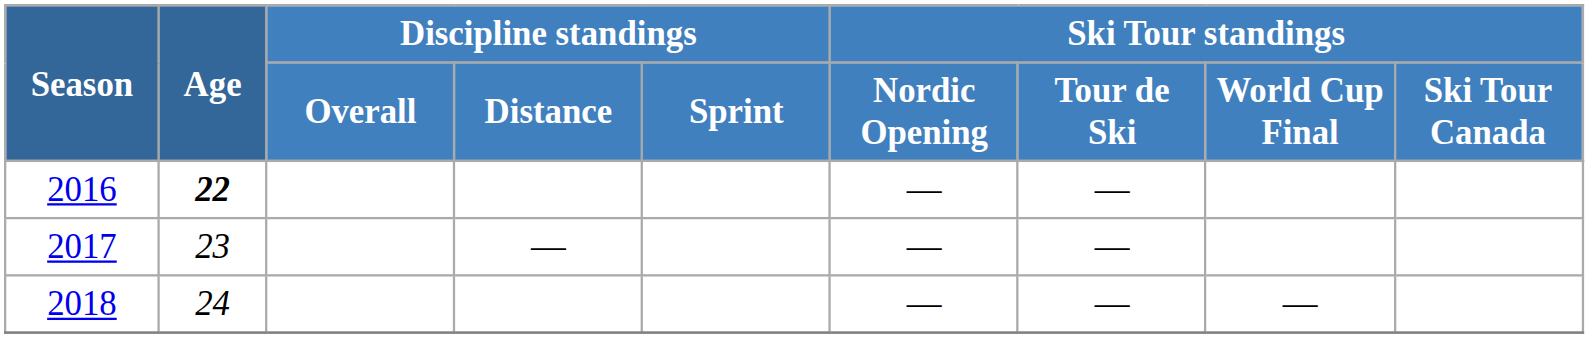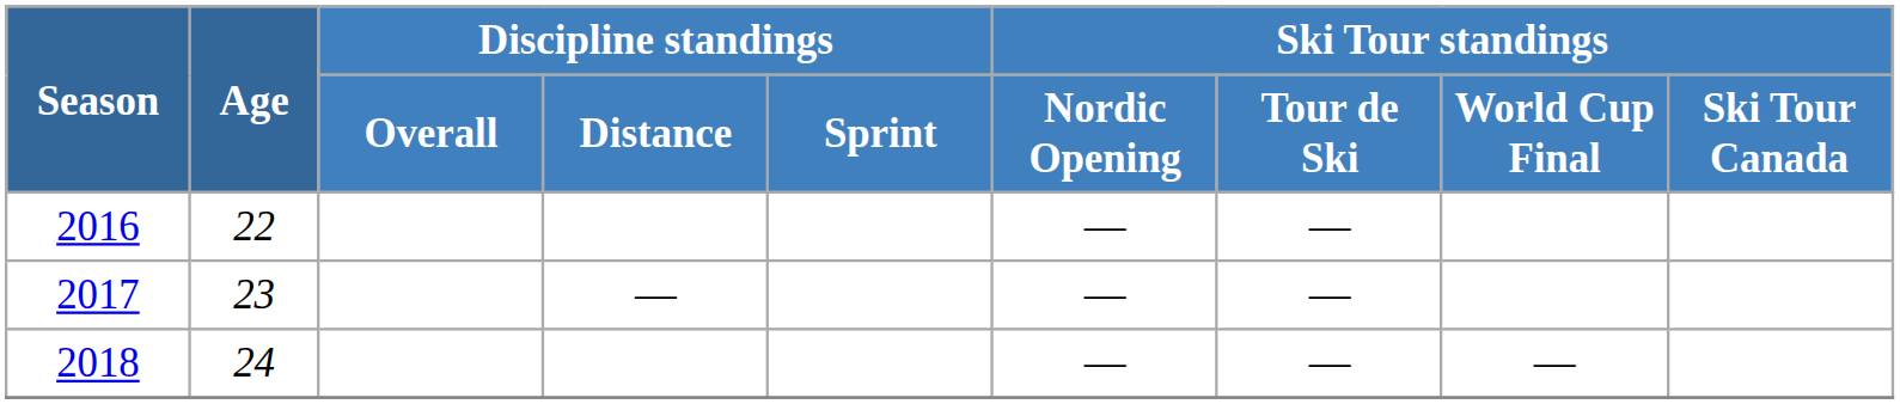 <table class="wikitable" style="font-size:95%; text-align:center; border:grey solid 1px; border-collapse:collapse; background:#ffffff;">
 <tr>
 <th style="background-color:#369; color:white; width:60px;" rowspan="2"> Season </th>
 <th style="background-color:#369; color:white; width:40px;" rowspan="2"> Age </th>
 <th style="background-color:#4180be; color:white;" colspan="3">Discipline standings</th>
 <th style="background-color:#4180be; color:white;" colspan="4">Ski Tour standings</th>
 </tr>
 <tr>
 <th style="background-color:#4180be; color:white; width:75px;">Overall</th>
 <th style="background-color:#4180be; color:white; width:75px;">Distance</th>
 <th style="background-color:#4180be; color:white; width:75px;">Sprint</th>
 <th style="background-color:#4180be; color:white; width:75px;">Nordic<br>Opening</th>
 <th style="background-color:#4180be; color:white; width:75px;">Tour de<br>Ski</th>
 <th style="background-color:#4180be; color:white; width:75px;">World Cup<br>Final</th>
 <th style="background-color:#4180be; color:white; width:75px;">Ski Tour<br>Canada</th>
 </tr>
 <tr>
 </tr>
 <tr>
 <td><a href='#'>2016</a></td>
-<td><strong><em>22</em></strong></td>
+<td><em>22</em></td>
 <td></td>
 <td></td>
 <td></td>
 <td>—</td>
 <td>—</td>
 <td></td>
 <td></td>
 </tr>
 <tr>
 <td><a href='#'>2017</a></td>
 <td><em>23</em></td>
 <td></td>
 <td>—</td>
 <td></td>
 <td>—</td>
 <td>—</td>
 <td></td>
 <td></td>
 </tr>
 <tr>
 <td><a href='#'>2018</a></td>
 <td><em>24</em></td>
 <td></td>
 <td></td>
 <td></td>
 <td>—</td>
 <td>—</td>
 <td>—</td>
 <td></td>
 </tr>
 <tr>
 </tr>
 </table>
